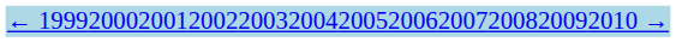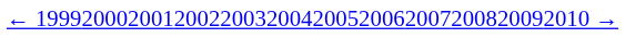 <table id="toc" class="toc" summary="Contents">
 <tr>
 <th></th>
 </tr>
 <tr>
-<td align="center" style="background: lightblue;"><a href='#'>← 1999</a><a href='#'>2000</a><a href='#'>2001</a><a href='#'>2002</a><a href='#'>2003</a><a href='#'>2004</a><a href='#'>2005</a><a href='#'>2006</a><a href='#'>2007</a><a href='#'>2008</a><a href='#'>2009</a><a href='#'>2010 →</a></td>
+<td align="center"><a href='#'>← 1999</a><a href='#'>2000</a><a href='#'>2001</a><a href='#'>2002</a><a href='#'>2003</a><a href='#'>2004</a><a href='#'>2005</a><a href='#'>2006</a><a href='#'>2007</a><a href='#'>2008</a><a href='#'>2009</a><a href='#'>2010 →</a></td>
 </tr>
 </table>
